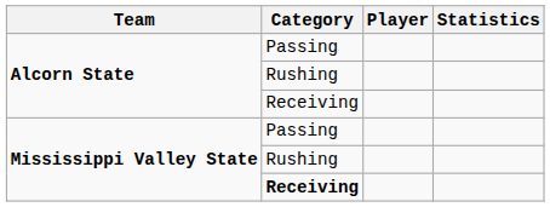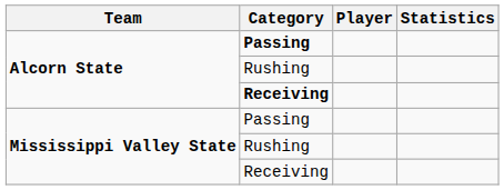 <table class="wikitable" style="float: right;">
 <tr>
 <th>Team</th>
 <th>Category</th>
 <th>Player</th>
 <th>Statistics</th>
 </tr>
 <tr>
 <td rowspan=3><strong>Alcorn State</strong></td>
-<td>Passing</td>
+<td><strong>Passing</strong></td>
 <td></td>
 <td></td>
 </tr>
 <tr>
 <td>Rushing</td>
 <td></td>
 <td></td>
 </tr>
 <tr>
-<td>Receiving</td>
+<td><strong>Receiving</strong></td>
 <td></td>
 <td></td>
 </tr>
 <tr>
 <td rowspan=3><strong>Mississippi Valley State</strong></td>
 <td>Passing</td>
 <td></td>
 <td></td>
 </tr>
 <tr>
 <td>Rushing</td>
 <td></td>
 <td></td>
 </tr>
 <tr>
-<td><strong>Receiving</strong></td>
+<td>Receiving</td>
 <td></td>
 <td></td>
 </tr>
 </table>
